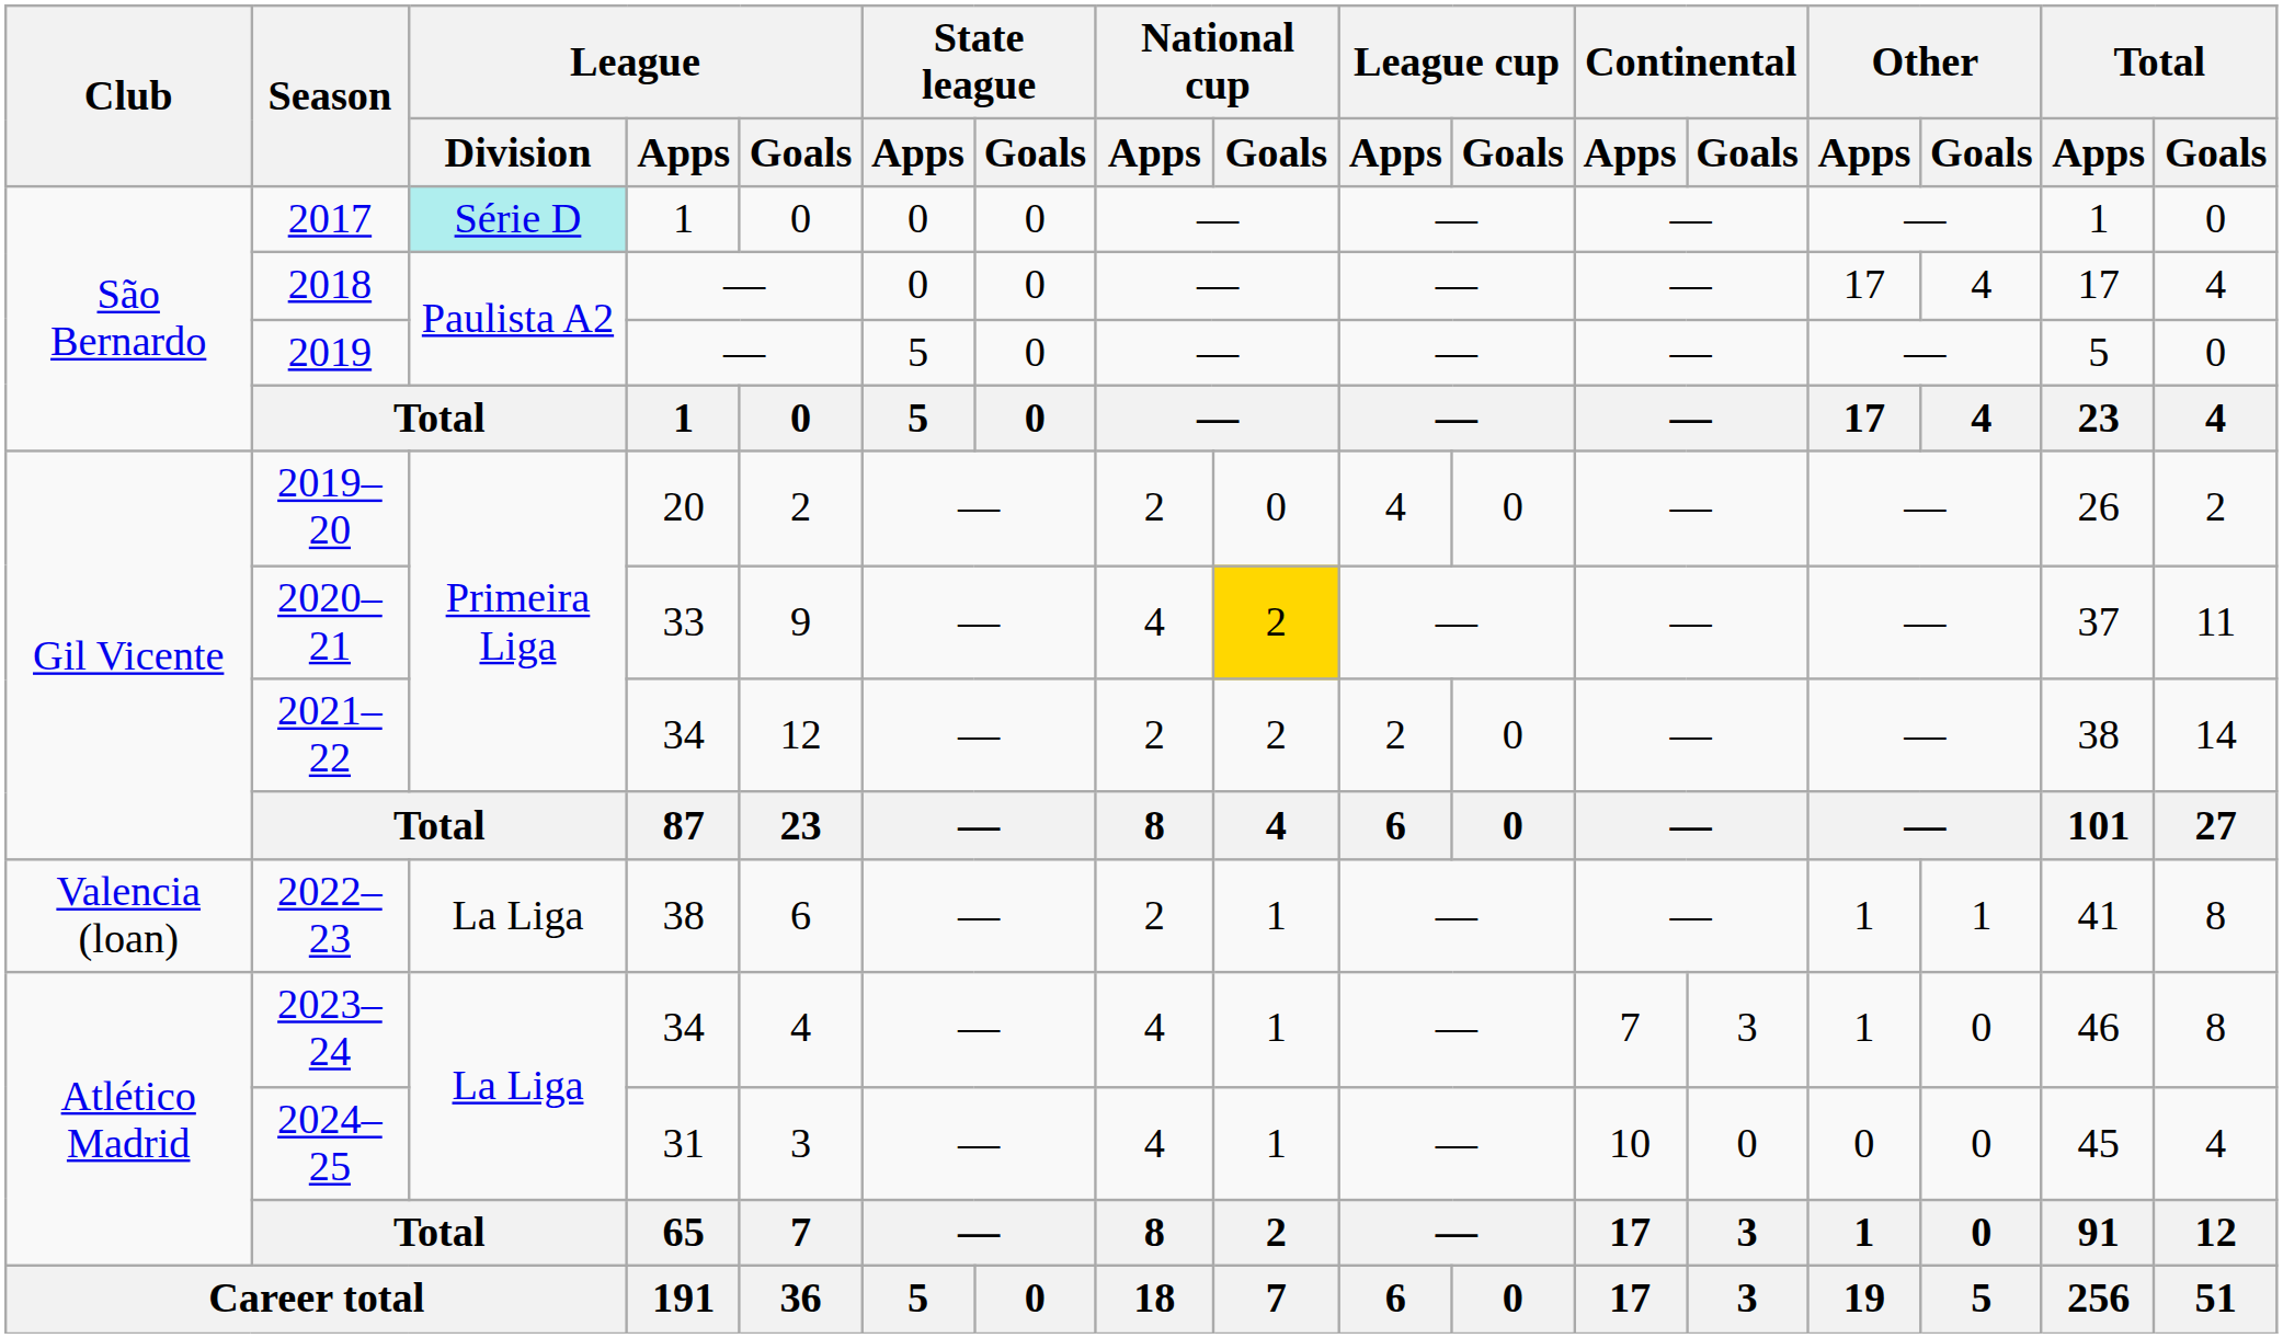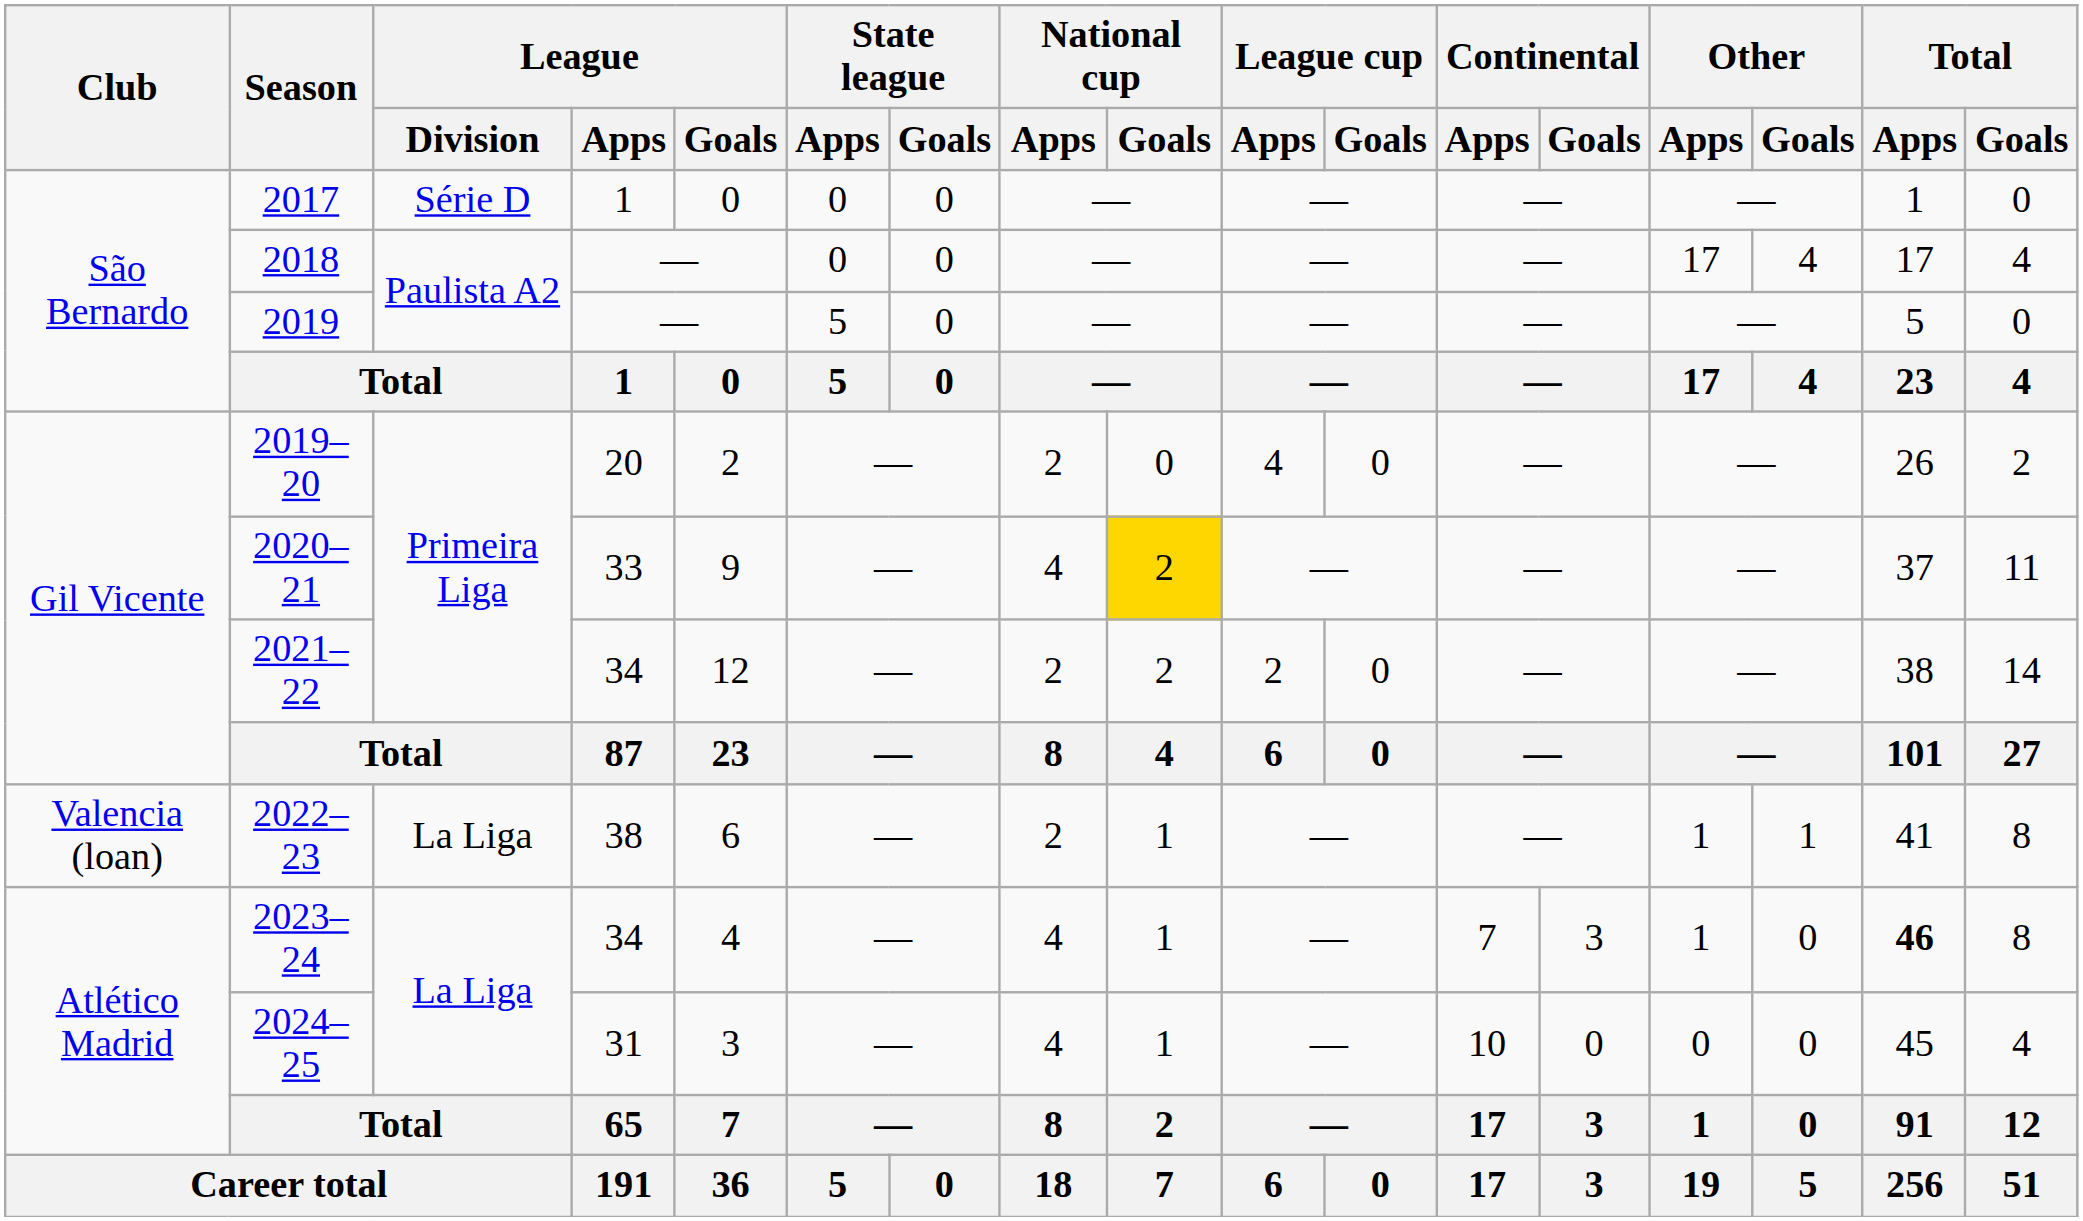 <table class="wikitable" style="text-align:center">
 <tr>
 <th rowspan="2">Club</th>
 <th rowspan="2">Season</th>
 <th colspan="3">League</th>
 <th colspan="2">State league</th>
 <th colspan="2">National cup</th>
 <th colspan="2">League cup</th>
 <th colspan="2">Continental</th>
 <th colspan="2">Other</th>
 <th colspan="2">Total</th>
 </tr>
 <tr>
 <th>Division</th>
 <th>Apps</th>
 <th>Goals</th>
 <th>Apps</th>
 <th>Goals</th>
 <th>Apps</th>
 <th>Goals</th>
 <th>Apps</th>
 <th>Goals</th>
 <th>Apps</th>
 <th>Goals</th>
 <th>Apps</th>
 <th>Goals</th>
 <th>Apps</th>
 <th>Goals</th>
 </tr>
 <tr>
 <td rowspan="4"><a href='#'>São Bernardo</a></td>
 <td><a href='#'>2017</a></td>
-<td style="background: paleturquoise;"><a href='#'>Série D</a></td>
+<td><a href='#'>Série D</a></td>
 <td>1</td>
 <td>0</td>
 <td>0</td>
 <td>0</td>
 <td colspan="2">—</td>
 <td colspan="2">—</td>
 <td colspan="2">—</td>
 <td colspan="2">—</td>
 <td>1</td>
 <td>0</td>
 </tr>
 <tr>
 <td><a href='#'>2018</a></td>
 <td rowspan="2"><a href='#'>Paulista A2</a></td>
 <td colspan="2">—</td>
 <td>0</td>
 <td>0</td>
 <td colspan="2">—</td>
 <td colspan="2">—</td>
 <td colspan="2">—</td>
 <td>17</td>
 <td>4</td>
 <td>17</td>
 <td>4</td>
 </tr>
 <tr>
 <td><a href='#'>2019</a></td>
 <td colspan="2">—</td>
 <td>5</td>
 <td>0</td>
 <td colspan="2">—</td>
 <td colspan="2">—</td>
 <td colspan="2">—</td>
 <td colspan="2">—</td>
 <td>5</td>
 <td>0</td>
 </tr>
 <tr>
 <th colspan="2">Total</th>
 <th>1</th>
 <th>0</th>
 <th>5</th>
 <th>0</th>
 <th colspan="2">—</th>
 <th colspan="2">—</th>
 <th colspan="2">—</th>
 <th>17</th>
 <th>4</th>
 <th>23</th>
 <th>4</th>
 </tr>
 <tr>
 <td rowspan="4"><a href='#'>Gil Vicente</a></td>
 <td><a href='#'>2019–20</a></td>
 <td rowspan="3"><a href='#'>Primeira Liga</a></td>
 <td>20</td>
 <td>2</td>
 <td colspan="2">—</td>
 <td>2</td>
 <td>0</td>
 <td>4</td>
 <td>0</td>
 <td colspan="2">—</td>
 <td colspan="2">—</td>
 <td>26</td>
 <td>2</td>
 </tr>
 <tr>
 <td><a href='#'>2020–21</a></td>
 <td>33</td>
 <td>9</td>
 <td colspan="2">—</td>
 <td>4</td>
 <td style="background: gold;">2</td>
 <td colspan="2">—</td>
 <td colspan="2">—</td>
 <td colspan="2">—</td>
 <td>37</td>
 <td>11</td>
 </tr>
 <tr>
 <td><a href='#'>2021–22</a></td>
 <td>34</td>
 <td>12</td>
 <td colspan="2">—</td>
 <td>2</td>
 <td>2</td>
 <td>2</td>
 <td>0</td>
 <td colspan="2">—</td>
 <td colspan="2">—</td>
 <td>38</td>
 <td>14</td>
 </tr>
 <tr>
 <th colspan="2">Total</th>
 <th>87</th>
 <th>23</th>
 <th colspan="2">—</th>
 <th>8</th>
 <th>4</th>
 <th>6</th>
 <th>0</th>
 <th colspan="2">—</th>
 <th colspan="2">—</th>
 <th>101</th>
 <th>27</th>
 </tr>
 <tr>
 <td><a href='#'>Valencia</a> (loan)</td>
 <td><a href='#'>2022–23</a></td>
 <td>La Liga</td>
 <td>38</td>
 <td>6</td>
 <td colspan="2">—</td>
 <td>2</td>
 <td>1</td>
 <td colspan="2">—</td>
 <td colspan="2">—</td>
 <td>1</td>
 <td>1</td>
 <td>41</td>
 <td>8</td>
 </tr>
 <tr>
 <td rowspan="3"><a href='#'>Atlético Madrid</a></td>
 <td><a href='#'>2023–24</a></td>
 <td rowspan="2"><a href='#'>La Liga</a></td>
 <td>34</td>
 <td>4</td>
 <td colspan="2">—</td>
 <td>4</td>
 <td>1</td>
 <td colspan="2">—</td>
 <td>7</td>
 <td>3</td>
 <td>1</td>
 <td>0</td>
-<td>46</td>
+<td><strong>46</strong></td>
 <td>8</td>
 </tr>
 <tr>
 <td><a href='#'>2024–25</a></td>
 <td>31</td>
 <td>3</td>
 <td colspan="2">—</td>
 <td>4</td>
 <td>1</td>
 <td colspan="2">—</td>
 <td>10</td>
 <td>0</td>
 <td>0</td>
 <td>0</td>
 <td>45</td>
 <td>4</td>
 </tr>
 <tr>
 <th colspan="2">Total</th>
 <th>65</th>
 <th>7</th>
 <th colspan="2">—</th>
 <th>8</th>
 <th>2</th>
 <th colspan="2">—</th>
 <th>17</th>
 <th>3</th>
 <th>1</th>
 <th>0</th>
 <th>91</th>
 <th>12</th>
 </tr>
 <tr>
 <th colspan="3">Career total</th>
 <th>191</th>
 <th>36</th>
 <th>5</th>
 <th>0</th>
 <th>18</th>
 <th>7</th>
 <th>6</th>
 <th>0</th>
 <th>17</th>
 <th>3</th>
 <th>19</th>
 <th>5</th>
 <th>256</th>
 <th>51</th>
 </tr>
 </table>
